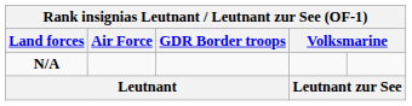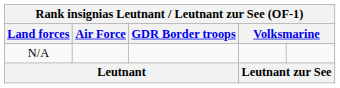 <table class=wikitable>
 <tr>
 <th colspan="10">Rank insignias Leutnant / Leutnant zur See (OF-1)</th>
 </tr>
 <tr bgcolor="#CCCCCC" align="center">
 <th colspan="1"> <a href='#'>Land forces</a></th>
 <th colspan="1"> <a href='#'>Air Force</a></th>
 <th colspan="1"> <a href='#'>GDR Border troops</a></th>
 <th colspan="2"> <a href='#'>Volksmarine</a></th>
 </tr>
 <tr align="center">
-<td style="vertical-align: middle"><strong>N/A</strong></td>
+<td style="vertical-align: middle">N/A</td>
 <td></td>
 <td></td>
 <td></td>
 <td></td>
 </tr>
 <tr>
 <th colspan="3">Leutnant</th>
 <th colspan="2">Leutnant zur See</th>
 </tr>
 </table>
